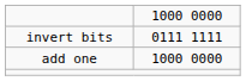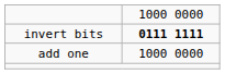 <table class="wikitable floatright" style="width:18em;text-align:center"|">
 <tr>
 <td></td>
 <td>1000 0000</td>
 </tr>
 <tr>
 <td>invert bits</td>
-<td>0111 1111</td>
+<td><strong>0111 1111</strong></td>
 </tr>
 <tr>
 <td>add one</td>
 <td>1000 0000</td>
 </tr>
 <tr>
 <td colspan="2;"></td>
 </tr>
 </table>
